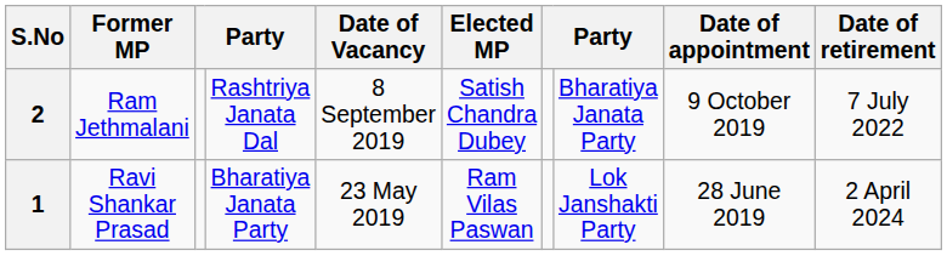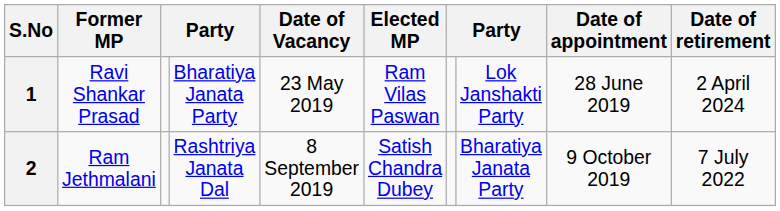 <table class="wikitable sortable">
 <tr>
 <th>S.No</th>
 <th>Former MP</th>
 <th colspan=2>Party</th>
 <th>Date of Vacancy</th>
 <th>Elected MP</th>
 <th colspan=2>Party</th>
 <th>Date of appointment</th>
 <th>Date of retirement</th>
+</tr>
+<tr style="text-align:center;">
+<th>1</th>
+<td><a href='#'>Ravi Shankar Prasad</a></td>
+<td width="1"></td>
+<td><a href='#'>Bharatiya Janata Party</a></td>
+<td>23 May 2019</td>
+<td><a href='#'>Ram Vilas Paswan</a></td>
+<td width="1"></td>
+<td><a href='#'>Lok Janshakti Party</a></td>
+<td>28 June 2019</td>
+<td>2 April 2024</td>
 </tr>
 <tr style="text-align:center;">
 <th>2</th>
 <td><a href='#'>Ram Jethmalani</a></td>
 <td width="1"></td>
 <td><a href='#'>Rashtriya Janata Dal</a></td>
 <td>8 September 2019</td>
 <td><a href='#'>Satish Chandra Dubey</a></td>
 <td width="1"></td>
 <td><a href='#'>Bharatiya Janata Party</a></td>
 <td>9 October 2019</td>
 <td>7 July 2022</td>
 </tr>
-<tr style="text-align:center;">
-<th>1</th>
-<td><a href='#'>Ravi Shankar Prasad</a></td>
-<td width="1"></td>
-<td><a href='#'>Bharatiya Janata Party</a></td>
-<td>23 May 2019</td>
-<td><a href='#'>Ram Vilas Paswan</a></td>
-<td width="1"></td>
-<td><a href='#'>Lok Janshakti Party</a></td>
-<td>28 June 2019</td>
-<td>2 April 2024</td>
-</tr>
 </table>
